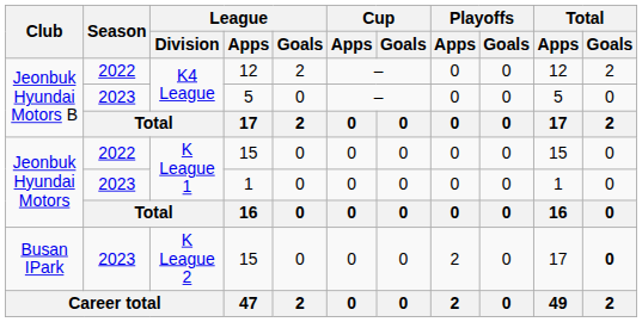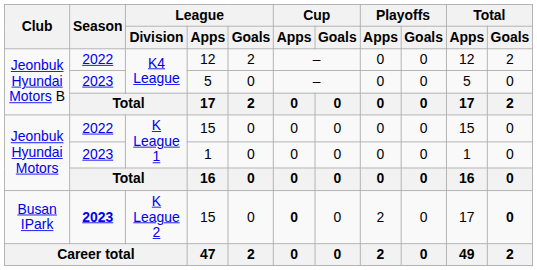 <table class="wikitable" style="text-align:center">
 <tr>
 <th rowspan=2>Club</th>
 <th rowspan=2>Season</th>
 <th colspan=3>League</th>
 <th colspan=2>Cup</th>
 <th colspan=2>Playoffs</th>
 <th colspan=2>Total</th>
 </tr>
 <tr>
 <th>Division</th>
 <th>Apps</th>
 <th>Goals</th>
 <th>Apps</th>
 <th>Goals</th>
 <th>Apps</th>
 <th>Goals</th>
 <th>Apps</th>
 <th>Goals</th>
 </tr>
 <tr>
 <td rowspan="3"><a href='#'>Jeonbuk Hyundai Motors</a> B</td>
 <td><a href='#'>2022</a></td>
 <td rowspan="2"><a href='#'>K4 League</a></td>
 <td>12</td>
 <td>2</td>
 <td colspan="2">–</td>
 <td>0</td>
 <td>0</td>
 <td>12</td>
 <td>2</td>
 </tr>
 <tr>
 <td><a href='#'>2023</a></td>
 <td>5</td>
 <td>0</td>
 <td colspan="2">–</td>
 <td>0</td>
 <td>0</td>
 <td>5</td>
 <td>0</td>
 </tr>
 <tr>
 <th colspan=2>Total</th>
 <th>17</th>
 <th>2</th>
 <th>0</th>
 <th>0</th>
 <th>0</th>
 <th>0</th>
 <th>17</th>
 <th>2</th>
 </tr>
 <tr>
 <td rowspan="3"><a href='#'>Jeonbuk Hyundai Motors</a></td>
 <td><a href='#'>2022</a></td>
 <td rowspan="2"><a href='#'>K League 1</a></td>
 <td>15</td>
 <td>0</td>
 <td>0</td>
 <td>0</td>
 <td>0</td>
 <td>0</td>
 <td>15</td>
 <td>0</td>
 </tr>
 <tr>
 <td><a href='#'>2023</a></td>
 <td>1</td>
 <td>0</td>
 <td>0</td>
 <td>0</td>
 <td>0</td>
 <td>0</td>
 <td>1</td>
 <td>0</td>
 </tr>
 <tr>
 <th colspan=2>Total</th>
 <th>16</th>
 <th>0</th>
 <th>0</th>
 <th>0</th>
 <th>0</th>
 <th>0</th>
 <th>16</th>
 <th>0</th>
 </tr>
 <tr>
 <td><a href='#'>Busan IPark</a></td>
-<td><a href='#'>2023</a></td>
+<td><strong><a href='#'>2023</a></strong></td>
 <td><a href='#'>K League 2</a></td>
 <td>15</td>
 <td>0</td>
-<td>0</td>
+<td><strong>0</strong></td>
 <td>0</td>
 <td>2</td>
 <td>0</td>
 <td>17</td>
 <td><strong>0</strong></td>
 </tr>
 <tr>
 <th colspan=3>Career total</th>
 <th>47</th>
 <th>2</th>
 <th>0</th>
 <th>0</th>
 <th>2</th>
 <th>0</th>
 <th>49</th>
 <th>2</th>
 </tr>
 </table>
